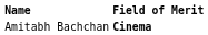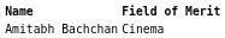 <table>
 <tr>
 <td><strong>Name</strong></td>
 <td><strong>Field of Merit</strong></td>
 </tr>
 <tr>
 <td>Amitabh Bachchan</td>
-<td><strong>Cinema</strong></td>
+<td>Cinema</td>
 </tr>
 </table>
